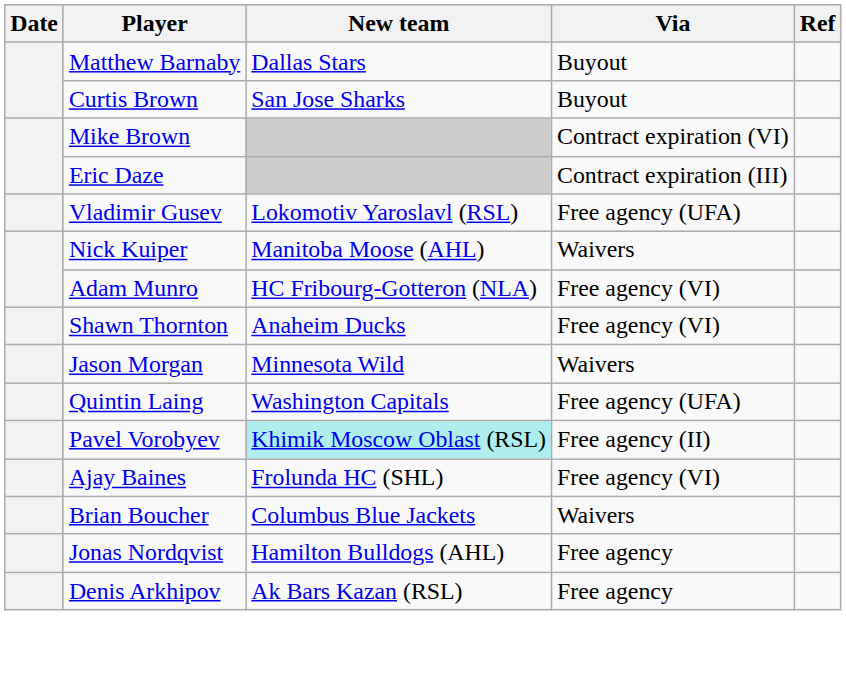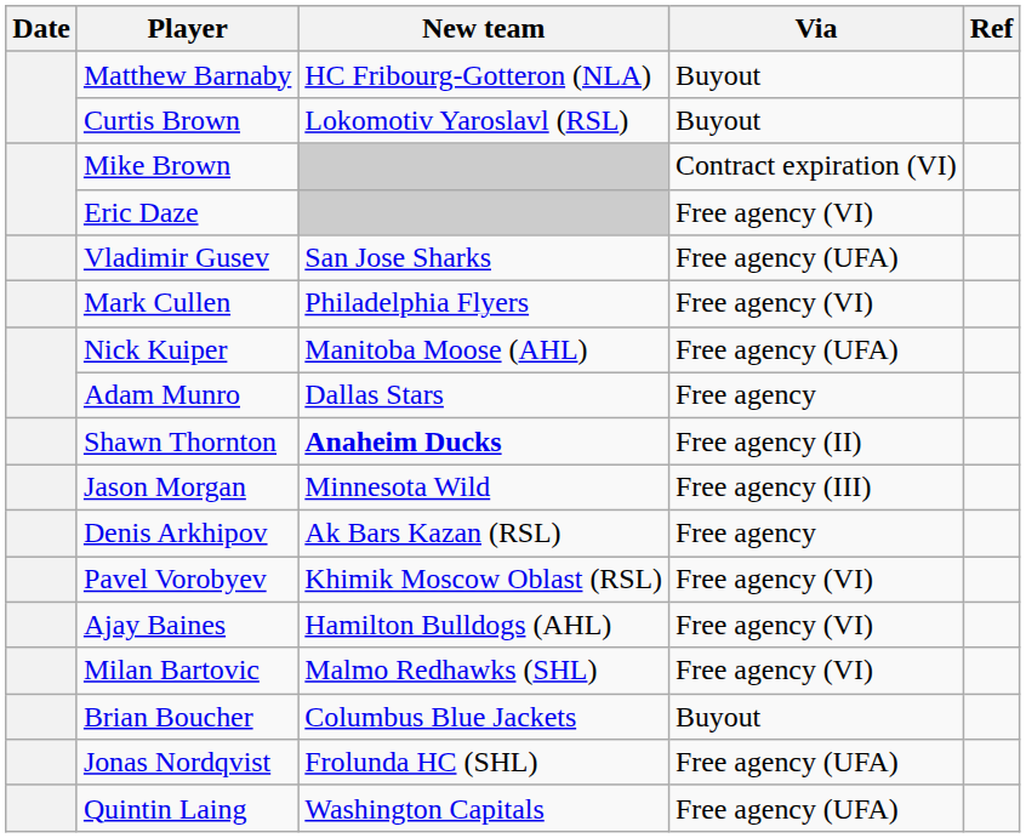 <table class="wikitable plainrowheaders">
 <tr style="background:#ddd; text-align:center;">
 <th>Date</th>
 <th>Player</th>
 <th>New team</th>
 <th>Via</th>
 <th>Ref</th>
 </tr>
 <tr>
 <th scope="row" rowspan=2></th>
 <td><a href='#'>Matthew Barnaby</a></td>
-<td><a href='#'>Dallas Stars</a></td>
+<td><a href='#'>HC Fribourg-Gotteron</a> (<a href='#'>NLA</a>)</td>
 <td>Buyout</td>
 <td></td>
 </tr>
 <tr>
 <td><a href='#'>Curtis Brown</a></td>
-<td><a href='#'>San Jose Sharks</a></td>
+<td><a href='#'>Lokomotiv Yaroslavl</a> (<a href='#'>RSL</a>)</td>
 <td>Buyout</td>
 <td></td>
 </tr>
 <tr>
 <th scope="row" rowspan=2></th>
 <td><a href='#'>Mike Brown</a></td>
 <td style="background:#ccc"></td>
 <td>Contract expiration (VI)</td>
 <td></td>
 </tr>
 <tr>
 <td><a href='#'>Eric Daze</a></td>
 <td style="background:#ccc"></td>
-<td>Contract expiration (III)</td>
+<td>Free agency (VI)</td>
 <td></td>
 </tr>
 <tr>
 <th scope="row"></th>
 <td><a href='#'>Vladimir Gusev</a></td>
-<td><a href='#'>Lokomotiv Yaroslavl</a> (<a href='#'>RSL</a>)</td>
+<td><a href='#'>San Jose Sharks</a></td>
 <td>Free agency (UFA)</td>
+<td></td>
+</tr>
+<tr>
+<th scope="row"></th>
+<td><a href='#'>Mark Cullen</a></td>
+<td><a href='#'>Philadelphia Flyers</a></td>
+<td>Free agency (VI)</td>
 <td></td>
 </tr>
 <tr>
 <th scope="row" rowspan=2></th>
 <td><a href='#'>Nick Kuiper</a></td>
 <td><a href='#'>Manitoba Moose</a> (<a href='#'>AHL</a>)</td>
-<td>Waivers</td>
+<td>Free agency (UFA)</td>
 <td></td>
 </tr>
 <tr>
 <td><a href='#'>Adam Munro</a></td>
-<td><a href='#'>HC Fribourg-Gotteron</a> (<a href='#'>NLA</a>)</td>
-<td>Free agency (VI)</td>
+<td><a href='#'>Dallas Stars</a></td>
+<td>Free agency</td>
 <td></td>
 </tr>
 <tr>
 <th scope="row"></th>
 <td><a href='#'>Shawn Thornton</a></td>
-<td><a href='#'>Anaheim Ducks</a></td>
-<td>Free agency (VI)</td>
+<td><strong><a href='#'>Anaheim Ducks</a></strong></td>
+<td>Free agency (II)</td>
 <td></td>
 </tr>
 <tr>
 <th scope="row"></th>
 <td><a href='#'>Jason Morgan</a></td>
 <td><a href='#'>Minnesota Wild</a></td>
-<td>Waivers</td>
+<td>Free agency (III)</td>
+<td></td>
+</tr>
+<tr>
+<th scope="row"></th>
+<td><a href='#'>Denis Arkhipov</a></td>
+<td><a href='#'>Ak Bars Kazan</a> (RSL)</td>
+<td>Free agency</td>
+<td></td>
+</tr>
+<tr>
+<th scope="row"></th>
+<td><a href='#'>Pavel Vorobyev</a></td>
+<td><a href='#'>Khimik Moscow Oblast</a> (RSL)</td>
+<td>Free agency (VI)</td>
+<td></td>
+</tr>
+<tr>
+<th scope="row"></th>
+<td><a href='#'>Ajay Baines</a></td>
+<td><a href='#'>Hamilton Bulldogs</a> (AHL)</td>
+<td>Free agency (VI)</td>
+<td></td>
+</tr>
+<tr>
+<th scope="row"></th>
+<td><a href='#'>Milan Bartovic</a></td>
+<td><a href='#'>Malmo Redhawks</a> (<a href='#'>SHL</a>)</td>
+<td>Free agency (VI)</td>
+<td></td>
+</tr>
+<tr>
+<th scope="row"></th>
+<td><a href='#'>Brian Boucher</a></td>
+<td><a href='#'>Columbus Blue Jackets</a></td>
+<td>Buyout</td>
+<td></td>
+</tr>
+<tr>
+<th scope="row"></th>
+<td><a href='#'>Jonas Nordqvist</a></td>
+<td><a href='#'>Frolunda HC</a> (SHL)</td>
+<td>Free agency (UFA)</td>
 <td></td>
 </tr>
 <tr>
 <th scope="row"></th>
 <td><a href='#'>Quintin Laing</a></td>
 <td><a href='#'>Washington Capitals</a></td>
 <td>Free agency (UFA)</td>
 <td></td>
 </tr>
-<tr>
-<th scope="row"></th>
-<td><a href='#'>Pavel Vorobyev</a></td>
-<td style="background: paleturquoise;"><a href='#'>Khimik Moscow Oblast</a> (RSL)</td>
-<td>Free agency (II)</td>
-<td></td>
-</tr>
-<tr>
-<th scope="row"></th>
-<td><a href='#'>Ajay Baines</a></td>
-<td><a href='#'>Frolunda HC</a> (SHL)</td>
-<td>Free agency (VI)</td>
-<td></td>
-</tr>
-<tr>
-<th scope="row"></th>
-<td><a href='#'>Brian Boucher</a></td>
-<td><a href='#'>Columbus Blue Jackets</a></td>
-<td>Waivers</td>
-<td></td>
-</tr>
-<tr>
-<th scope="row"></th>
-<td><a href='#'>Jonas Nordqvist</a></td>
-<td><a href='#'>Hamilton Bulldogs</a> (AHL)</td>
-<td>Free agency</td>
-<td></td>
-</tr>
-<tr>
-<th scope="row"></th>
-<td><a href='#'>Denis Arkhipov</a></td>
-<td><a href='#'>Ak Bars Kazan</a> (RSL)</td>
-<td>Free agency</td>
-<td></td>
-</tr>
 </table>
